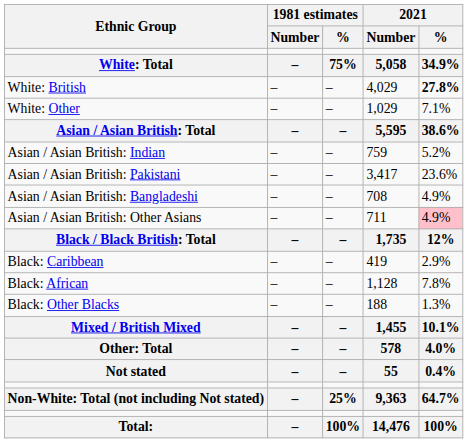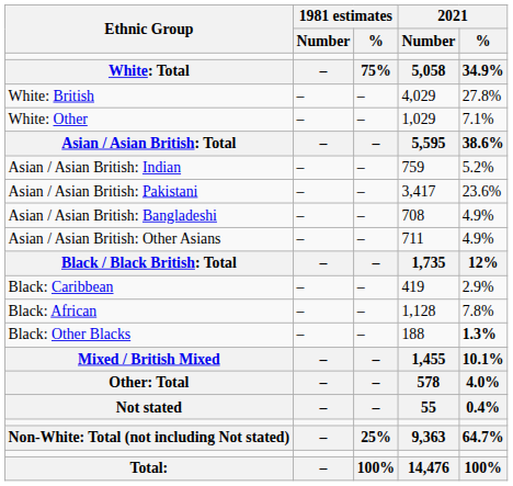 <table class="wikitable sortable mw-collapsible mw-collapsed">
 <tr>
 <th rowspan="2">Ethnic Group</th>
 <th colspan="2">1981 estimates</th>
 <th colspan="2">2021</th>
 </tr>
 <tr>
 <th>Number</th>
 <th>%</th>
 <th>Number</th>
 <th>%</th>
 </tr>
 <tr>
 <td></td>
 <td></td>
 <td></td>
 <td></td>
 <td></td>
 </tr>
 <tr>
 <th><a href='#'>White</a>: Total</th>
 <th>–</th>
 <th>75%</th>
 <th>5,058</th>
 <th>34.9%</th>
 </tr>
 <tr>
 <td>White: <a href='#'>British</a></td>
 <td>–</td>
 <td>–</td>
 <td>4,029</td>
-<td><strong>27.8%</strong></td>
+<td>27.8%</td>
 </tr>
 <tr>
 <td>White: <a href='#'>Other</a></td>
 <td>–</td>
 <td>–</td>
 <td>1,029</td>
 <td>7.1%</td>
 </tr>
 <tr>
 <th><a href='#'>Asian / Asian British</a>: Total</th>
 <th>–</th>
 <th>–</th>
 <th>5,595</th>
 <th>38.6%</th>
 </tr>
 <tr>
 <td>Asian / Asian British: <a href='#'>Indian</a></td>
 <td>–</td>
 <td>–</td>
 <td>759</td>
 <td>5.2%</td>
 </tr>
 <tr>
 <td>Asian / Asian British: <a href='#'>Pakistani</a></td>
 <td>–</td>
 <td>–</td>
 <td>3,417</td>
 <td>23.6%</td>
 </tr>
 <tr>
 <td>Asian / Asian British: <a href='#'>Bangladeshi</a></td>
 <td>–</td>
 <td>–</td>
 <td>708</td>
 <td>4.9%</td>
 </tr>
 <tr>
 <td>Asian / Asian British: Other Asians</td>
 <td>–</td>
 <td>–</td>
 <td>711</td>
-<td style="background: pink;">4.9%</td>
+<td>4.9%</td>
 </tr>
 <tr>
 <th><a href='#'>Black / Black British</a>: Total</th>
 <th>–</th>
 <th>–</th>
 <th>1,735</th>
 <th>12%</th>
 </tr>
 <tr>
 <td>Black: <a href='#'>Caribbean</a></td>
 <td>–</td>
 <td>–</td>
 <td>419</td>
 <td>2.9%</td>
 </tr>
 <tr>
 <td>Black: <a href='#'>African</a></td>
 <td>–</td>
 <td>–</td>
 <td>1,128</td>
 <td>7.8%</td>
 </tr>
 <tr>
 <td>Black: <a href='#'>Other Blacks</a></td>
 <td>–</td>
 <td>–</td>
 <td>188</td>
-<td>1.3%</td>
+<td><strong>1.3%</strong></td>
 </tr>
 <tr>
 <th><a href='#'>Mixed / British Mixed</a></th>
 <th>–</th>
 <th>–</th>
 <th>1,455</th>
 <th>10.1%</th>
 </tr>
 <tr>
 <th>Other: Total</th>
 <th>–</th>
 <th>–</th>
 <th>578</th>
 <th>4.0%</th>
 </tr>
 <tr>
 <th>Not stated</th>
 <th>–</th>
 <th>–</th>
 <th>55</th>
 <th>0.4%</th>
 </tr>
 <tr>
 <td></td>
 <td></td>
 <td></td>
 <td></td>
 <td></td>
 </tr>
 <tr>
 <th>Non-White: Total (not including Not stated)</th>
 <th>–</th>
 <th>25%</th>
 <th>9,363</th>
 <th>64.7%</th>
 </tr>
 <tr>
 <td></td>
 <td></td>
 <td></td>
 <td></td>
 <td></td>
 </tr>
 <tr>
 <th>Total:</th>
 <th>–</th>
 <th>100%</th>
 <th>14,476</th>
 <th>100%</th>
 </tr>
 </table>
